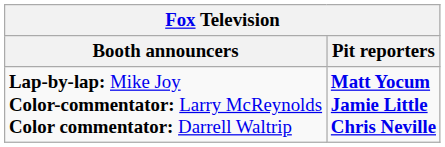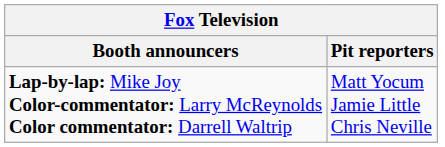 <table class="wikitable" style="font-size: 95%;">
 <tr>
 <th colspan="2"><a href='#'>Fox</a> Television</th>
 </tr>
 <tr>
 <th>Booth announcers</th>
 <th>Pit reporters</th>
 </tr>
 <tr>
 <td><strong>Lap-by-lap:</strong> <a href='#'>Mike Joy</a><br><strong>Color-commentator:</strong> <a href='#'>Larry McReynolds</a><br><strong>Color commentator:</strong> <a href='#'>Darrell Waltrip</a></td>
-<td><strong><a href='#'>Matt Yocum</a><br><a href='#'>Jamie Little</a><br><a href='#'>Chris Neville</a></strong></td>
+<td><a href='#'>Matt Yocum</a><br><a href='#'>Jamie Little</a><br><a href='#'>Chris Neville</a></td>
 </tr>
 </table>
